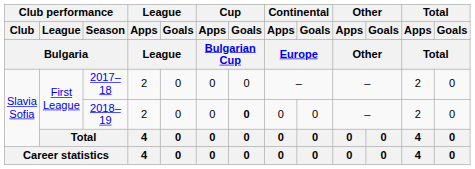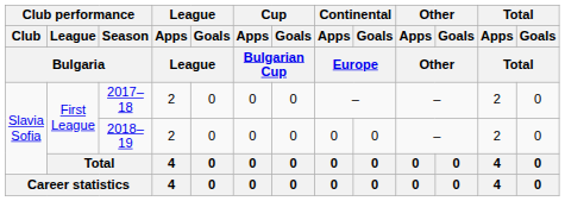 <table class="wikitable" style="text-align: center">
 <tr>
 <th colspan="3">Club performance</th>
 <th colspan="2">League</th>
 <th colspan="2">Cup</th>
 <th colspan="2">Continental</th>
 <th colspan="2">Other</th>
 <th colspan="3">Total</th>
 </tr>
 <tr>
 <th>Club</th>
 <th>League</th>
 <th>Season</th>
 <th>Apps</th>
 <th>Goals</th>
 <th>Apps</th>
 <th>Goals</th>
 <th>Apps</th>
 <th>Goals</th>
 <th>Apps</th>
 <th>Goals</th>
 <th>Apps</th>
 <th>Goals</th>
 </tr>
 <tr>
 <th colspan="3">Bulgaria</th>
 <th colspan="2">League</th>
 <th colspan="2"><a href='#'>Bulgarian Cup</a></th>
 <th colspan="2"><a href='#'>Europe</a></th>
 <th colspan="2">Other</th>
 <th colspan="2">Total</th>
 </tr>
 <tr>
 <td rowspan="3" valign="center"><a href='#'>Slavia Sofia</a></td>
 <td rowspan="2"><a href='#'>First League</a></td>
 <td><a href='#'>2017–18</a></td>
 <td>2</td>
 <td>0</td>
 <td>0</td>
 <td>0</td>
 <td colspan="2">–</td>
 <td colspan="2">–</td>
 <td>2</td>
 <td>0</td>
 </tr>
 <tr>
 <td><a href='#'>2018–19</a></td>
 <td>2</td>
 <td>0</td>
 <td>0</td>
-<td><strong>0</strong></td>
+<td>0</td>
 <td>0</td>
 <td>0</td>
 <td colspan="2">–</td>
 <td>2</td>
 <td>0</td>
 </tr>
 <tr>
 <th colspan=2>Total</th>
 <th>4</th>
 <th>0</th>
 <th>0</th>
 <th>0</th>
 <th>0</th>
 <th>0</th>
 <th>0</th>
 <th>0</th>
 <th>4</th>
 <th>0</th>
 </tr>
 <tr>
 <th colspan="3">Career statistics</th>
 <th>4</th>
 <th>0</th>
 <th>0</th>
 <th>0</th>
 <th>0</th>
 <th>0</th>
 <th>0</th>
 <th>0</th>
 <th>4</th>
 <th>0</th>
 </tr>
 </table>
